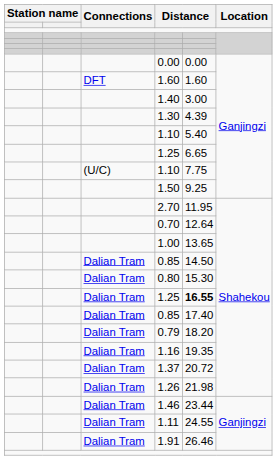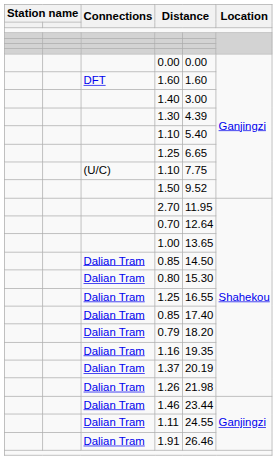 <table class="wikitable">
 <tr>
 <th colspan="2">Station name</th>
 <th rowspan="2">Connections</th>
 <th colspan="2" rowspan="2">Distance<br></th>
 <th rowspan="2">Location</th>
 </tr>
 <tr>
 <th></th>
 <th></th>
 </tr>
 <tr style="background:#">
 <td colspan = "6"></td>
 </tr>
 <tr bgcolor="lightgrey">
 <td></td>
 <td></td>
 <td></td>
 <td></td>
 <td></td>
 <td rowspan="4"></td>
 </tr>
 <tr bgcolor="lightgrey">
 <td></td>
 <td></td>
 <td></td>
 <td></td>
 <td></td>
 </tr>
 <tr bgcolor="lightgrey">
 <td></td>
 <td></td>
 <td></td>
 <td></td>
 <td></td>
 </tr>
 <tr bgcolor="lightgrey">
 <td></td>
 <td></td>
 <td></td>
 <td></td>
 <td></td>
 </tr>
 <tr>
 <td></td>
 <td></td>
 <td></td>
 <td>0.00</td>
 <td>0.00</td>
 <td rowspan="8"><a href='#'>Ganjingzi</a></td>
 </tr>
 <tr>
 <td></td>
 <td></td>
 <td>  <a href='#'>DFT</a></td>
 <td>1.60</td>
 <td>1.60</td>
 </tr>
 <tr>
 <td></td>
 <td></td>
 <td></td>
 <td>1.40</td>
 <td>3.00</td>
 </tr>
 <tr>
 <td></td>
 <td></td>
 <td></td>
 <td>1.30</td>
 <td>4.39</td>
 </tr>
 <tr>
 <td></td>
 <td></td>
 <td></td>
 <td>1.10</td>
 <td>5.40</td>
 </tr>
 <tr>
 <td></td>
 <td></td>
 <td></td>
 <td>1.25</td>
 <td>6.65</td>
 </tr>
 <tr>
 <td></td>
 <td></td>
 <td> (U/C)</td>
 <td>1.10</td>
 <td>7.75</td>
 </tr>
 <tr>
 <td></td>
 <td></td>
 <td></td>
 <td>1.50</td>
-<td>9.25</td>
+<td>9.52</td>
 </tr>
 <tr>
 <td></td>
 <td></td>
 <td></td>
 <td>2.70</td>
 <td>11.95</td>
 <td rowspan="11"><a href='#'>Shahekou</a></td>
 </tr>
 <tr>
 <td></td>
 <td></td>
 <td></td>
 <td>0.70</td>
 <td>12.64</td>
 </tr>
 <tr>
 <td></td>
 <td></td>
 <td></td>
 <td>1.00</td>
 <td>13.65</td>
 </tr>
 <tr>
 <td></td>
 <td></td>
 <td> <a href='#'>Dalian Tram</a></td>
 <td>0.85</td>
 <td>14.50</td>
 </tr>
 <tr>
 <td></td>
 <td></td>
 <td>  <a href='#'>Dalian Tram</a></td>
 <td>0.80</td>
 <td>15.30</td>
 </tr>
 <tr>
 <td></td>
 <td></td>
 <td> <a href='#'>Dalian Tram</a></td>
 <td>1.25</td>
-<td><strong>16.55</strong></td>
+<td>16.55</td>
 </tr>
 <tr>
 <td></td>
 <td></td>
 <td> <a href='#'>Dalian Tram</a></td>
 <td>0.85</td>
 <td>17.40</td>
 </tr>
 <tr>
 <td></td>
 <td></td>
 <td> <a href='#'>Dalian Tram</a></td>
 <td>0.79</td>
 <td>18.20</td>
 </tr>
 <tr>
 <td></td>
 <td></td>
 <td> <a href='#'>Dalian Tram</a></td>
 <td>1.16</td>
 <td>19.35</td>
 </tr>
 <tr>
 <td></td>
 <td></td>
 <td> <a href='#'>Dalian Tram</a></td>
 <td>1.37</td>
-<td>20.72</td>
+<td>20.19</td>
 </tr>
 <tr>
 <td></td>
 <td></td>
 <td> <a href='#'>Dalian Tram</a></td>
 <td>1.26</td>
 <td>21.98</td>
 </tr>
 <tr>
 <td></td>
 <td></td>
 <td> <a href='#'>Dalian Tram</a></td>
 <td>1.46</td>
 <td>23.44</td>
 <td rowspan="3"><a href='#'>Ganjingzi</a></td>
 </tr>
 <tr>
 <td></td>
 <td></td>
 <td> <a href='#'>Dalian Tram</a></td>
 <td>1.11</td>
 <td>24.55</td>
 </tr>
 <tr>
 <td></td>
 <td></td>
 <td>  <a href='#'>Dalian Tram</a></td>
 <td>1.91</td>
 <td>26.46</td>
 </tr>
 <tr style="background:#">
 <td colspan = "6"></td>
 </tr>
 </table>
